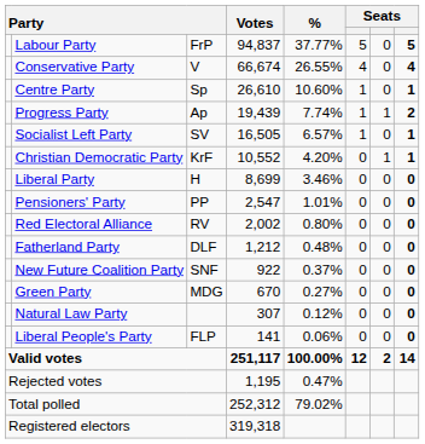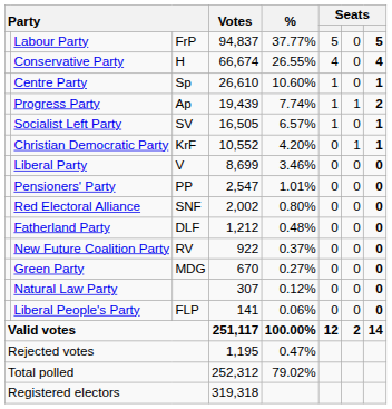 <table class="wikitable" border="1" style="text-align:right;">
 <tr>
 <th style="text-align:left;" valign=bottom rowspan=2 colspan=3>Party</th>
 <th align=center valign=bottom rowspan=2 width="50">Votes</th>
 <th align=center valign=bottom rowspan=2 width="50">%</th>
 <th colspan=3>Seats</th>
 </tr>
 <tr>
 <th align=center valign=bottom width="20"><small></small></th>
 <th align=center valign=bottom width="20"><small><a href='#'></a></small></th>
 <th align=center valign=bottom width="20"><small></small></th>
 </tr>
 <tr>
 <td style="color:inherit;background:"></td>
 <td align=left><a href='#'>Labour Party</a></td>
 <td align=left>FrP</td>
 <td>94,837</td>
 <td>37.77%</td>
 <td>5</td>
 <td>0</td>
 <td><strong>5</strong></td>
 </tr>
 <tr>
 <td style="color:inherit;background:"></td>
 <td align=left><a href='#'>Conservative Party</a></td>
-<td align=left>V</td>
+<td align=left>H</td>
 <td>66,674</td>
 <td>26.55%</td>
 <td>4</td>
 <td>0</td>
 <td><strong>4</strong></td>
 </tr>
 <tr>
 <td style="color:inherit;background:"></td>
 <td align=left><a href='#'>Centre Party</a></td>
 <td align=left>Sp</td>
 <td>26,610</td>
 <td>10.60%</td>
 <td>1</td>
 <td>0</td>
 <td><strong>1</strong></td>
 </tr>
 <tr>
 <td style="color:inherit;background:"></td>
 <td align=left><a href='#'>Progress Party</a></td>
 <td align=left>Ap</td>
 <td>19,439</td>
 <td>7.74%</td>
 <td>1</td>
 <td>1</td>
 <td><strong>2</strong></td>
 </tr>
 <tr>
 <td style="color:inherit;background:"></td>
 <td align=left><a href='#'>Socialist Left Party</a></td>
 <td align=left>SV</td>
 <td>16,505</td>
 <td>6.57%</td>
 <td>1</td>
 <td>0</td>
 <td><strong>1</strong></td>
 </tr>
 <tr>
 <td style="color:inherit;background:"></td>
 <td align=left><a href='#'>Christian Democratic Party</a></td>
 <td align=left>KrF</td>
 <td>10,552</td>
 <td>4.20%</td>
 <td>0</td>
 <td>1</td>
 <td><strong>1</strong></td>
 </tr>
 <tr>
 <td style="color:inherit;background:"></td>
 <td align=left><a href='#'>Liberal Party</a></td>
-<td align=left>H</td>
+<td align=left>V</td>
 <td>8,699</td>
 <td>3.46%</td>
 <td>0</td>
 <td>0</td>
 <td><strong>0</strong></td>
 </tr>
 <tr>
 <td style="color:inherit;background:"></td>
 <td align=left><a href='#'>Pensioners' Party</a></td>
 <td align=left>PP</td>
 <td>2,547</td>
 <td>1.01%</td>
 <td>0</td>
 <td>0</td>
 <td><strong>0</strong></td>
 </tr>
 <tr>
 <td style="color:inherit;background:"></td>
 <td align=left><a href='#'>Red Electoral Alliance</a></td>
-<td align=left>RV</td>
+<td align=left>SNF</td>
 <td>2,002</td>
 <td>0.80%</td>
 <td>0</td>
 <td>0</td>
 <td><strong>0</strong></td>
 </tr>
 <tr>
 <td style="color:inherit;background:"></td>
 <td align=left><a href='#'>Fatherland Party</a></td>
 <td align=left>DLF</td>
 <td>1,212</td>
 <td>0.48%</td>
 <td>0</td>
 <td>0</td>
 <td><strong>0</strong></td>
 </tr>
 <tr>
 <td style="color:inherit;background:"></td>
 <td align=left><a href='#'>New Future Coalition Party</a></td>
-<td align=left>SNF</td>
+<td align=left>RV</td>
 <td>922</td>
 <td>0.37%</td>
 <td>0</td>
 <td>0</td>
 <td><strong>0</strong></td>
 </tr>
 <tr>
 <td style="color:inherit;background:"></td>
 <td align=left><a href='#'>Green Party</a></td>
 <td align=left>MDG</td>
 <td>670</td>
 <td>0.27%</td>
 <td>0</td>
 <td>0</td>
 <td><strong>0</strong></td>
 </tr>
 <tr>
 <td></td>
 <td align=left><a href='#'>Natural Law Party</a></td>
 <td align=left></td>
 <td>307</td>
 <td>0.12%</td>
 <td>0</td>
 <td>0</td>
 <td><strong>0</strong></td>
 </tr>
 <tr>
 <td style="color:inherit;background:"></td>
 <td align=left><a href='#'>Liberal People's Party</a></td>
 <td align=left>FLP</td>
 <td>141</td>
 <td>0.06%</td>
 <td>0</td>
 <td>0</td>
 <td><strong>0</strong></td>
 </tr>
 <tr style="font-weight:bold">
 <td align=left colspan=3>Valid votes</td>
 <td>251,117</td>
 <td>100.00%</td>
 <td>12</td>
 <td>2</td>
 <td>14</td>
 </tr>
 <tr>
 <td align=left colspan=3>Rejected votes</td>
 <td>1,195</td>
 <td>0.47%</td>
 <td></td>
 <td></td>
 <td></td>
 </tr>
 <tr>
 <td align=left colspan=3>Total polled</td>
 <td>252,312</td>
 <td>79.02%</td>
 <td></td>
 <td></td>
 <td></td>
 </tr>
 <tr>
 <td align=left colspan=3>Registered electors</td>
 <td>319,318</td>
 <td></td>
 <td></td>
 <td></td>
 <td></td>
 </tr>
 </table>
